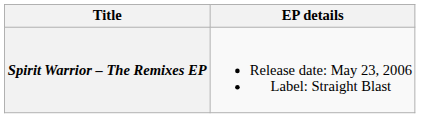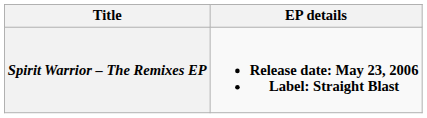 <table class="wikitable plainrowheaders" style="text-align:center;">
 <tr>
 <th>Title</th>
 <th>EP details</th>
 </tr>
 <tr>
 <th scope="row"><em>Spirit Warrior – The Remixes EP</em></th>
-<td><br><ul><li>Release date: May 23, 2006</li><li>Label: Straight Blast</li></ul></td>
+<td><strong><br><ul><li>Release date: May 23, 2006</li><li>Label: Straight Blast</li></ul></strong></td>
 </tr>
 </table>
